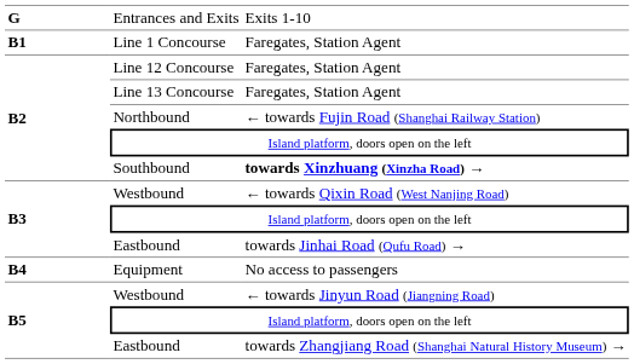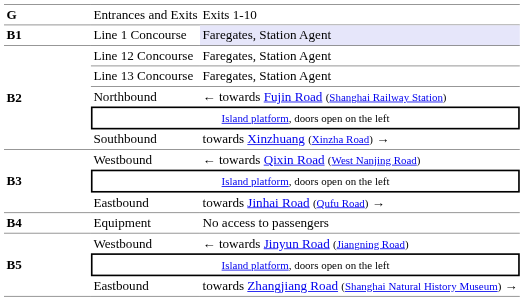 <table cellspacing=0 cellpadding=3>
 <tr>
 <td style="border-top:solid 1px gray;border-bottom:solid 1px gray;" width=100><strong>G</strong></td>
 <td style="border-top:solid 1px gray;border-bottom:solid 1px gray;">Entrances and Exits</td>
 <td style="border-top:solid 1px gray;border-bottom:solid 1px gray;">Exits 1-10</td>
 </tr>
 <tr>
 <td style="border-bottom:solid 1px gray;"><strong>B1</strong></td>
 <td style="border-bottom:solid 1px gray;">Line 1 Concourse</td>
-<td style="border-bottom:solid 1px gray;">Faregates, Station Agent</td>
+<td style="background: lavender; border-bottom:solid 1px gray;">Faregates, Station Agent</td>
 </tr>
 <tr>
 <td style="border-bottom:solid 1px gray;" rowspan=5><strong>B2</strong></td>
 <td style="border-bottom:solid 1px gray;">Line 12 Concourse</td>
 <td style="border-bottom:solid 1px gray;">Faregates, Station Agent</td>
 </tr>
 <tr>
 <td style="border-bottom:solid 1px gray;">Line 13 Concourse</td>
 <td style="border-bottom:solid 1px gray;">Faregates, Station Agent</td>
 </tr>
 <tr>
 <td>Northbound</td>
 <td>←  towards <a href='#'>Fujin Road</a> <small>(<a href='#'>Shanghai Railway Station</a>)</small></td>
 </tr>
 <tr>
 <td style="border-top:solid 2px black;border-right:solid 2px black;border-left:solid 2px black;border-bottom:solid 2px black;text-align:center;" colspan=2><small><a href='#'>Island platform</a>, doors open on the left</small></td>
 </tr>
 <tr>
 <td style="border-bottom:solid 1px gray;">Southbound</td>
-<td style="border-bottom:solid 1px gray;"><strong>  towards <a href='#'>Xinzhuang</a> <small>(<a href='#'>Xinzha Road</a>)</small> →</strong></td>
+<td style="border-bottom:solid 1px gray;">  towards <a href='#'>Xinzhuang</a> <small>(<a href='#'>Xinzha Road</a>)</small> →</td>
 </tr>
 <tr>
 <td style="border-bottom:solid 1px gray;" rowspan=3><strong>B3</strong></td>
 <td>Westbound</td>
 <td>←  towards <a href='#'>Qixin Road</a> <small>(<a href='#'>West Nanjing Road</a>)</small></td>
 </tr>
 <tr>
 <td style="border-top:solid 2px black;border-right:solid 2px black;border-left:solid 2px black;border-bottom:solid 2px black;text-align:center;" colspan=2><small><a href='#'>Island platform</a>, doors open on the left</small></td>
 </tr>
 <tr>
 <td style="border-bottom:solid 1px gray;">Eastbound</td>
 <td style="border-bottom:solid 1px gray;">  towards <a href='#'>Jinhai Road</a> <small>(<a href='#'>Qufu Road</a>)</small> →</td>
 </tr>
 <tr>
 <td style="border-bottom:solid 1px gray;"><strong>B4</strong></td>
 <td style="border-bottom:solid 1px gray;">Equipment</td>
 <td style="border-bottom:solid 1px gray;">No access to passengers</td>
 </tr>
 <tr>
 <td style="border-bottom:solid 1px gray;" rowspan=3><strong>B5</strong></td>
 <td>Westbound</td>
 <td>←  towards <a href='#'>Jinyun Road</a> <small>(<a href='#'>Jiangning Road</a>)</small></td>
 </tr>
 <tr>
 <td style="border-top:solid 2px black;border-right:solid 2px black;border-left:solid 2px black;border-bottom:solid 2px black;text-align:center;" colspan=2><small><a href='#'>Island platform</a>, doors open on the left</small></td>
 </tr>
 <tr>
 <td style="border-bottom:solid 1px gray;">Eastbound</td>
 <td style="border-bottom:solid 1px gray;">  towards <a href='#'>Zhangjiang Road</a> <small>(<a href='#'>Shanghai Natural History Museum</a>)</small> →</td>
 </tr>
 </table>
